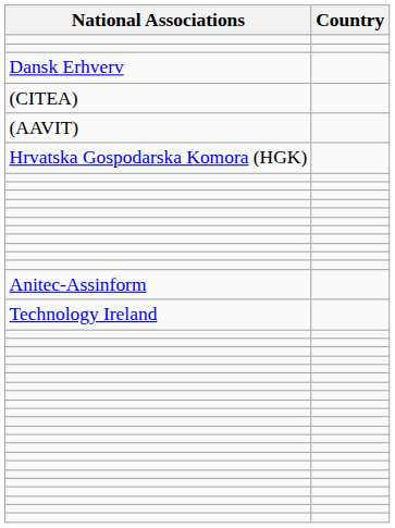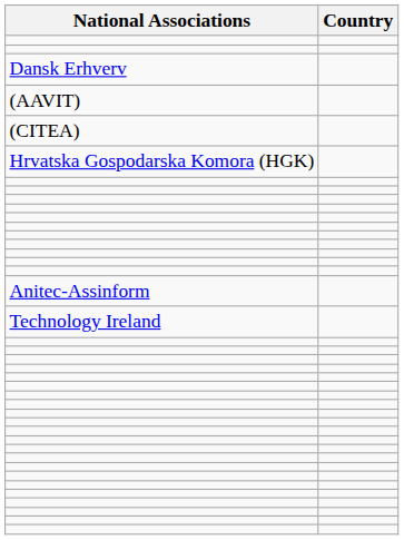 <table class="wikitable sortable">
 <tr>
 <th>National Associations</th>
 <th>Country</th>
 </tr>
 <tr>
 <td></td>
 <td></td>
 </tr>
 <tr>
 <td></td>
 <td></td>
 </tr>
 <tr>
 <td><a href='#'>Dansk Erhverv</a></td>
 <td></td>
 </tr>
 <tr>
-<td> (CITEA)</td>
+<td> (AAVIT)</td>
 <td></td>
 </tr>
 <tr>
-<td> (AAVIT)</td>
+<td> (CITEA)</td>
 <td></td>
 </tr>
 <tr>
 <td><a href='#'>Hrvatska Gospodarska Komora</a> (HGK)</td>
 <td></td>
 </tr>
 <tr>
 <td></td>
 <td></td>
 </tr>
 <tr>
 <td></td>
 <td></td>
 </tr>
 <tr>
 <td></td>
 <td></td>
 </tr>
 <tr>
 <td></td>
 <td></td>
 </tr>
 <tr>
 <td></td>
 <td></td>
 </tr>
 <tr>
 <td></td>
 <td></td>
 </tr>
 <tr>
 <td></td>
 <td></td>
 </tr>
 <tr>
 <td></td>
 <td></td>
 </tr>
 <tr>
 <td></td>
 <td></td>
 </tr>
 <tr>
 <td></td>
 <td></td>
 </tr>
 <tr>
 <td></td>
 <td></td>
 </tr>
 <tr>
 <td><a href='#'>Anitec-Assinform</a></td>
 <td></td>
 </tr>
 <tr>
 <td><a href='#'>Technology Ireland</a></td>
 <td></td>
 </tr>
 <tr>
 <td></td>
 <td></td>
 </tr>
 <tr>
 <td></td>
 <td></td>
 </tr>
 <tr>
 <td></td>
 <td></td>
 </tr>
 <tr>
 <td></td>
 <td></td>
 </tr>
 <tr>
 <td></td>
 <td></td>
 </tr>
 <tr>
 <td></td>
 <td></td>
 </tr>
 <tr>
 <td></td>
 <td></td>
 </tr>
 <tr>
 <td></td>
 <td></td>
 </tr>
 <tr>
 <td></td>
 <td></td>
 </tr>
 <tr>
 <td></td>
 <td></td>
 </tr>
 <tr>
 <td></td>
 <td></td>
 </tr>
 <tr>
 <td></td>
 <td></td>
 </tr>
 <tr>
 <td></td>
 <td></td>
 </tr>
 <tr>
 <td></td>
 <td></td>
 </tr>
 <tr>
 <td></td>
 <td></td>
 </tr>
 <tr>
 <td></td>
 <td></td>
 </tr>
 <tr>
 <td></td>
 <td></td>
 </tr>
 <tr>
 <td></td>
 <td></td>
 </tr>
 <tr>
 <td> </td>
 <td></td>
 </tr>
 <tr>
 <td></td>
 <td></td>
 </tr>
 <tr>
 <td></td>
 <td></td>
 </tr>
 <tr>
 <td></td>
 <td></td>
 </tr>
 </table>
